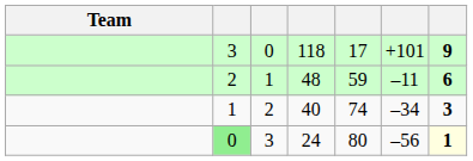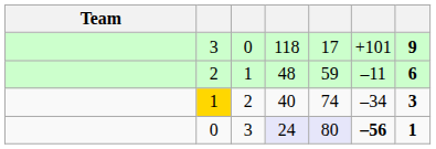 <table class="wikitable" style="text-align:center;">
 <tr>
 <th style="width:10.5em;">Team</th>
 <th style="width:1.5em;"></th>
 <th style="width:1.5em;"></th>
 <th style="width:2.0em;"></th>
 <th style="width:2.0em;"></th>
 <th style="width:2.0em;"></th>
 <th style="width:1.5em;"></th>
 </tr>
 <tr bgcolor=#cfc>
 <td align="left"></td>
 <td>3</td>
 <td>0</td>
 <td>118</td>
 <td>17</td>
 <td>+101</td>
 <td><strong>9</strong></td>
 </tr>
 <tr bgcolor="#cfc">
 <td align="left"></td>
 <td>2</td>
 <td>1</td>
 <td>48</td>
 <td>59</td>
 <td>–11</td>
 <td><strong>6</strong></td>
 </tr>
 <tr>
 <td align="left"></td>
-<td>1</td>
+<td style="background: gold;">1</td>
 <td>2</td>
 <td>40</td>
 <td>74</td>
 <td>–34</td>
 <td><strong>3</strong></td>
 </tr>
 <tr>
 <td align="left"></td>
-<td style="background: lightgreen;">0</td>
+<td>0</td>
 <td>3</td>
-<td>24</td>
-<td>80</td>
-<td>–56</td>
-<td style="background: lightyellow;"><strong>1</strong></td>
+<td style="background: lavender;">24</td>
+<td style="background: lavender;">80</td>
+<td><strong>–56</strong></td>
+<td><strong>1</strong></td>
 </tr>
 </table>
